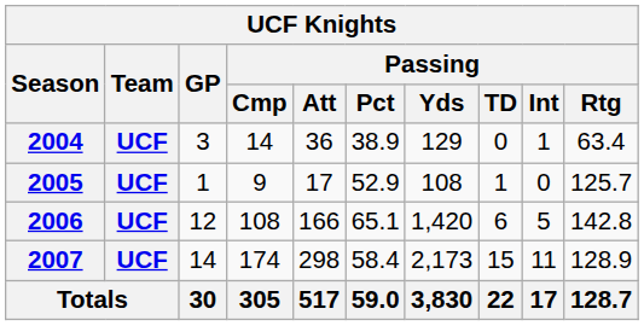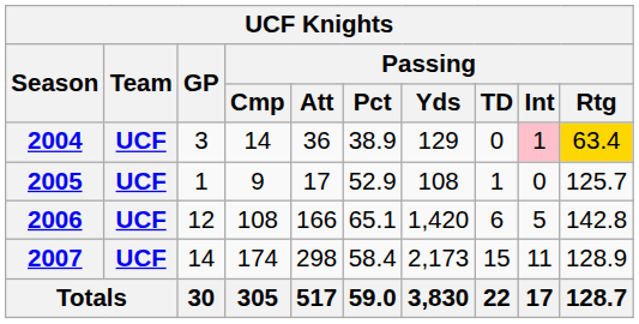 <table class="wikitable" style="text-align:center;">
 <tr>
 <th colspan="10">UCF Knights</th>
 </tr>
 <tr>
 <th rowspan="2">Season</th>
 <th rowspan="2">Team</th>
 <th rowspan="2">GP</th>
 <th colspan="7">Passing</th>
 </tr>
 <tr>
 <th>Cmp</th>
 <th>Att</th>
 <th>Pct</th>
 <th>Yds</th>
 <th>TD</th>
 <th>Int</th>
 <th>Rtg</th>
 </tr>
 <tr>
 <th><a href='#'>2004</a></th>
 <th><a href='#'>UCF</a></th>
 <td>3</td>
 <td>14</td>
 <td>36</td>
 <td>38.9</td>
 <td>129</td>
 <td>0</td>
-<td>1</td>
-<td>63.4</td>
+<td style="background: pink;">1</td>
+<td style="background: gold;">63.4</td>
 </tr>
 <tr>
 <th><a href='#'>2005</a></th>
 <th><a href='#'>UCF</a></th>
 <td>1</td>
 <td>9</td>
 <td>17</td>
 <td>52.9</td>
 <td>108</td>
 <td>1</td>
 <td>0</td>
 <td>125.7</td>
 </tr>
 <tr>
 <th><a href='#'>2006</a></th>
 <th><a href='#'>UCF</a></th>
 <td>12</td>
 <td>108</td>
 <td>166</td>
 <td>65.1</td>
 <td>1,420</td>
 <td>6</td>
 <td>5</td>
 <td>142.8</td>
 </tr>
 <tr>
 <th><a href='#'>2007</a></th>
 <th><a href='#'>UCF</a></th>
 <td>14</td>
 <td>174</td>
 <td>298</td>
 <td>58.4</td>
 <td>2,173</td>
 <td>15</td>
 <td>11</td>
 <td>128.9</td>
 </tr>
 <tr>
 <th colspan="2">Totals</th>
 <th>30</th>
 <th>305</th>
 <th>517</th>
 <th>59.0</th>
 <th>3,830</th>
 <th>22</th>
 <th>17</th>
 <th>128.7</th>
 </tr>
 </table>
